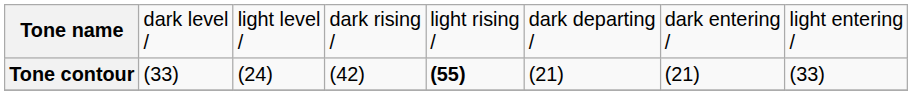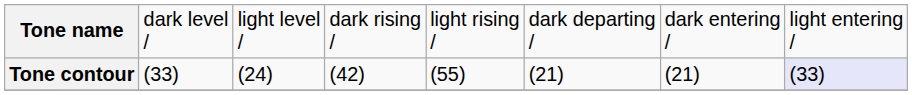 <table class="wikitable">
 <tr>
 <th>Tone name</th>
 <td>dark level<br> / </td>
 <td>light level<br> / </td>
 <td>dark rising<br> / </td>
 <td>light rising<br> / </td>
 <td>dark departing<br> / </td>
 <td>dark entering<br> / </td>
 <td>light entering<br> / </td>
 </tr>
 <tr>
 <th>Tone contour</th>
 <td> (33)</td>
 <td> (24)</td>
 <td> (42)</td>
-<td><strong> (55)</strong></td>
+<td> (55)</td>
 <td> (21)</td>
 <td> (21)</td>
-<td> (33)</td>
+<td style="background: lavender;"> (33)</td>
 </tr>
 <tr>
 </tr>
 </table>
